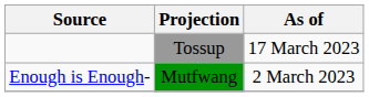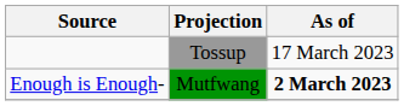 <table class="wikitable" style="text-align:center">
 <tr>
 <th>Source</th>
 <th colspan=2>Projection</th>
 <th>As of</th>
 </tr>
 <tr>
 <td align="left"></td>
 <td colspan=2 bgcolor=#999999>Tossup</td>
 <td>17 March 2023</td>
 </tr>
 <tr>
 <td align="left"><a href='#'>Enough is Enough</a>-<br></td>
 <td colspan=2 bgcolor=#009404>Mutfwang</td>
-<td>2 March 2023</td>
+<td><strong>2 March 2023</strong></td>
 </tr>
 <tr>
 </tr>
 </table>
